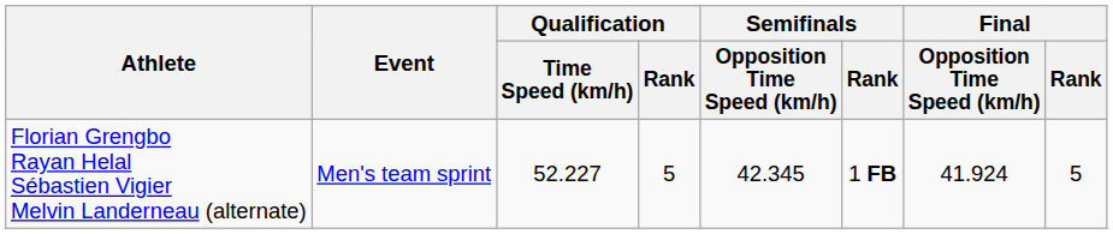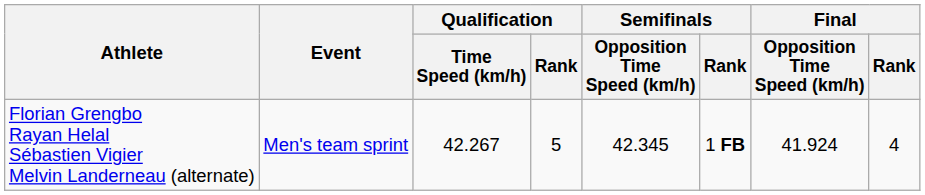 <table class=wikitable style=font-size:90%;text-align:center>
 <tr>
 <th rowspan=2>Athlete</th>
 <th rowspan=2>Event</th>
 <th colspan=2>Qualification</th>
 <th colspan=2>Semifinals</th>
 <th colspan=2>Final</th>
 </tr>
 <tr style=font-size:95%>
 <th>Time<br>Speed (km/h)</th>
 <th>Rank</th>
 <th>Opposition<br>Time<br>Speed (km/h)</th>
 <th>Rank</th>
 <th>Opposition<br>Time<br>Speed (km/h)</th>
 <th>Rank</th>
 </tr>
 <tr>
 <td align=left><a href='#'>Florian Grengbo</a><br><a href='#'>Rayan Helal</a><br><a href='#'>Sébastien Vigier</a><br><a href='#'>Melvin Landerneau</a> (alternate)</td>
 <td align=left><a href='#'>Men's team sprint</a></td>
-<td>52.227</td>
+<td>42.267</td>
 <td>5</td>
 <td>42.345</td>
 <td>1 <strong>FB</strong></td>
 <td>41.924</td>
-<td>5</td>
+<td>4</td>
 </tr>
 </table>
